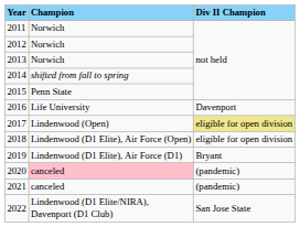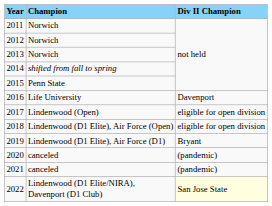 <table class="wikitable" style="font-size:85%;">
 <tr ! style="background-color: #87D3F8;">
 <td><strong>Year</strong></td>
 <td><strong>Champion</strong></td>
 <td><strong>Div II Champion</strong></td>
 </tr>
 <tr --->
 <td>2011</td>
 <td>Norwich</td>
 <td rowspan=5>not held</td>
 </tr>
 <tr --->
 <td>2012</td>
 <td>Norwich</td>
 </tr>
 <tr --->
 <td>2013</td>
 <td>Norwich</td>
 </tr>
 <tr --->
 <td>2014</td>
 <td><em>shifted from fall to spring</em></td>
 </tr>
 <tr --->
 <td>2015</td>
 <td>Penn State</td>
 </tr>
 <tr --->
 <td>2016</td>
 <td>Life University</td>
 <td>Davenport</td>
 </tr>
 <tr --->
 <td>2017</td>
 <td>Lindenwood (Open)</td>
-<td style="background: khaki;">eligible for open division</td>
+<td>eligible for open division</td>
 </tr>
 <tr --->
 <td>2018</td>
 <td>Lindenwood (D1 Elite), Air Force (Open)</td>
 <td>eligible for open division</td>
 </tr>
 <tr --->
 <td>2019</td>
 <td>Lindenwood (D1 Elite), Air Force (D1)</td>
 <td>Bryant</td>
 </tr>
 <tr --->
 <td>2020</td>
-<td style="background: pink;">canceled</td>
+<td>canceled</td>
 <td>(pandemic)</td>
 </tr>
 <tr --->
 <td>2021</td>
 <td>canceled</td>
 <td>(pandemic)</td>
 </tr>
 <tr --->
 <td>2022</td>
 <td>Lindenwood (D1 Elite/NIRA),<br> Davenport (D1 Club)</td>
-<td>San Jose State</td>
+<td style="background: lightyellow;">San Jose State</td>
 </tr>
 </table>
